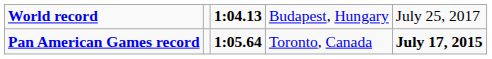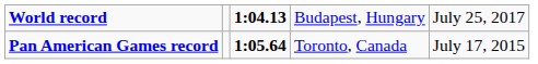 <table class="wikitable">
 <tr>
 <td><strong><a href='#'>World record</a></strong></td>
 <td></td>
 <td><strong>1:04.13</strong></td>
 <td><a href='#'>Budapest</a>, <a href='#'>Hungary</a></td>
 <td>July 25, 2017</td>
 </tr>
 <tr>
 <td><strong><a href='#'>Pan American Games record</a></strong></td>
 <td></td>
 <td><strong>1:05.64</strong></td>
 <td><a href='#'>Toronto</a>, <a href='#'>Canada</a></td>
-<td><strong>July 17, 2015</strong></td>
+<td>July 17, 2015</td>
 </tr>
 </table>
